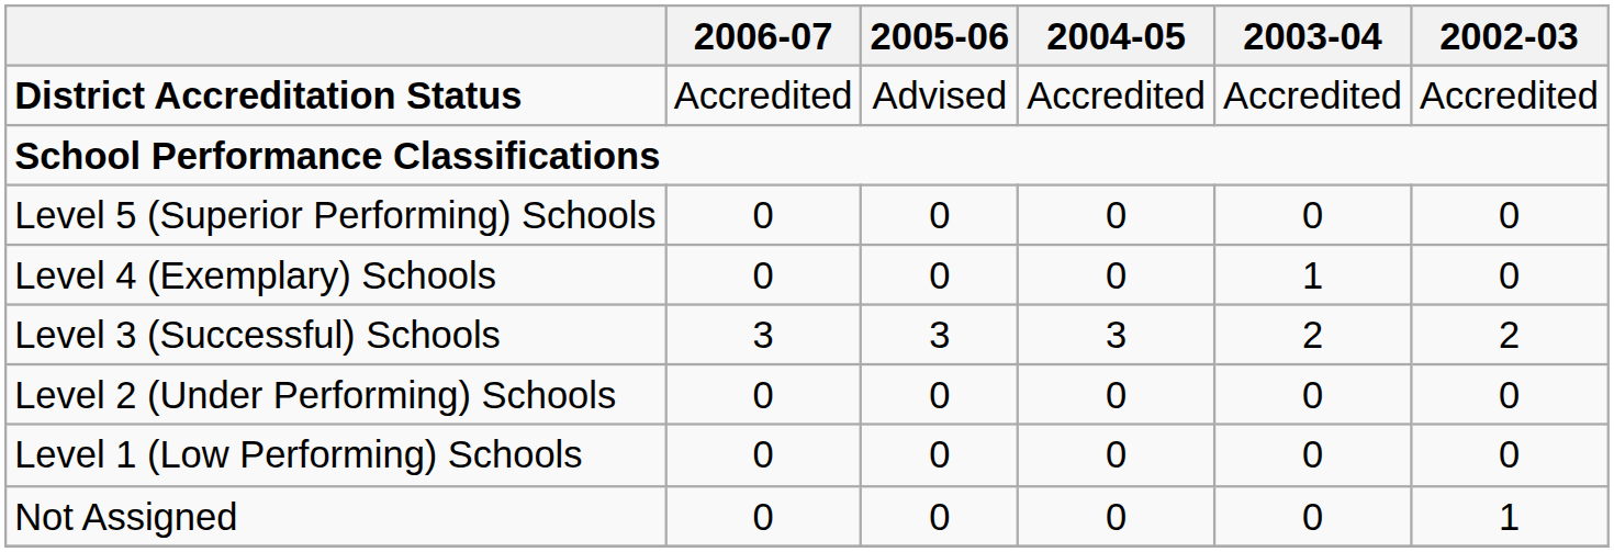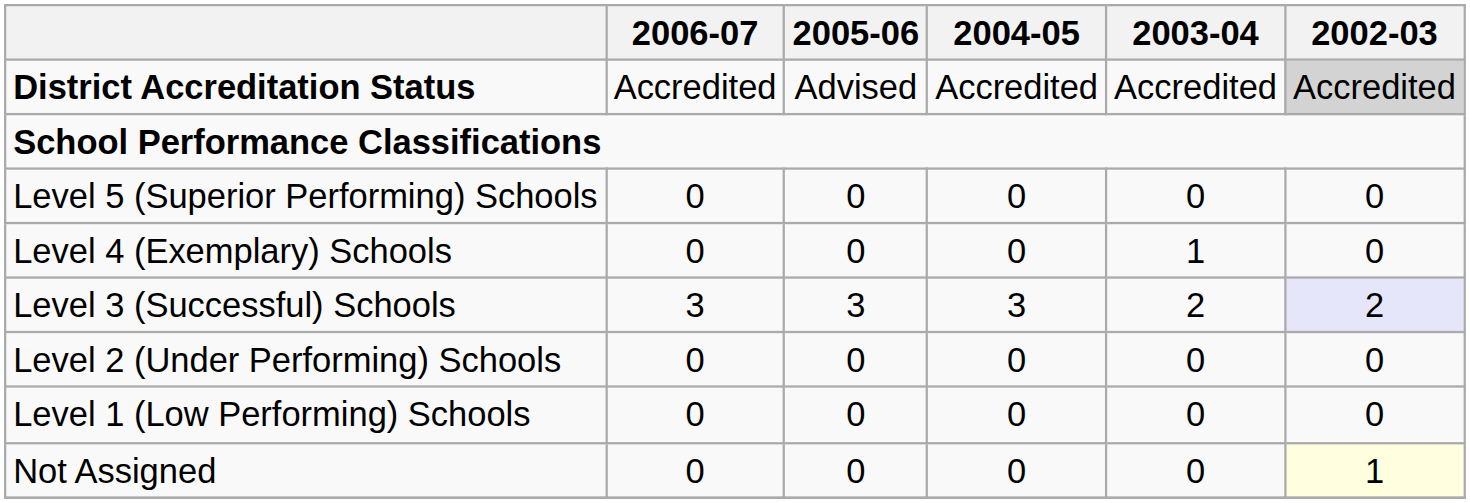 <table class="wikitable" style="font-size: 95%;">
 <tr>
 <th></th>
 <th>2006-07</th>
 <th>2005-06</th>
 <th>2004-05</th>
 <th>2003-04</th>
 <th>2002-03</th>
 </tr>
 <tr>
 <td align="left"><strong>District Accreditation Status</strong></td>
 <td align="center">Accredited</td>
 <td align="center">Advised</td>
 <td align="center">Accredited</td>
 <td align="center">Accredited</td>
-<td align="center">Accredited</td>
+<td align="center" style="background: lightgrey;">Accredited</td>
 </tr>
 <tr>
 <td align="left" colspan="6"><strong>School Performance Classifications</strong></td>
 </tr>
 <tr>
 <td align="left">Level 5 (Superior Performing) Schools</td>
 <td align="center">0</td>
 <td align="center">0</td>
 <td align="center">0</td>
 <td align="center">0</td>
 <td align="center">0</td>
 </tr>
 <tr>
 <td align="left">Level 4 (Exemplary) Schools</td>
 <td align="center">0</td>
 <td align="center">0</td>
 <td align="center">0</td>
 <td align="center">1</td>
 <td align="center">0</td>
 </tr>
 <tr>
 <td align="left">Level 3 (Successful) Schools</td>
 <td align="center">3</td>
 <td align="center">3</td>
 <td align="center">3</td>
 <td align="center">2</td>
-<td align="center">2</td>
+<td align="center" style="background: lavender;">2</td>
 </tr>
 <tr>
 <td align="left">Level 2 (Under Performing) Schools</td>
 <td align="center">0</td>
 <td align="center">0</td>
 <td align="center">0</td>
 <td align="center">0</td>
 <td align="center">0</td>
 </tr>
 <tr>
 <td align="left">Level 1 (Low Performing) Schools</td>
 <td align="center">0</td>
 <td align="center">0</td>
 <td align="center">0</td>
 <td align="center">0</td>
 <td align="center">0</td>
 </tr>
 <tr>
 <td align="left">Not Assigned</td>
 <td align="center">0</td>
 <td align="center">0</td>
 <td align="center">0</td>
 <td align="center">0</td>
-<td align="center">1</td>
+<td align="center" style="background: lightyellow;">1</td>
 </tr>
 <tr>
 </tr>
 </table>
